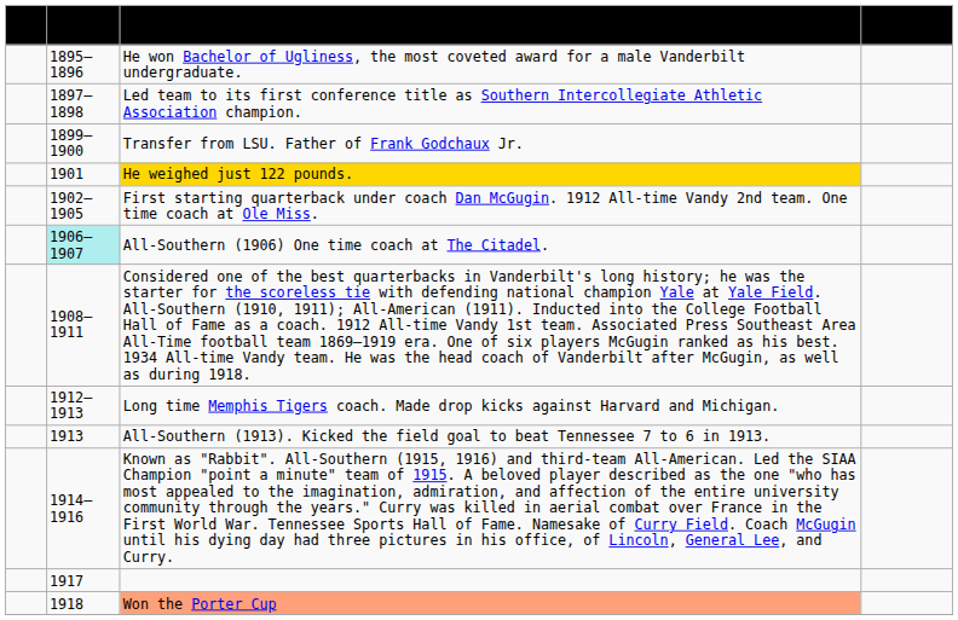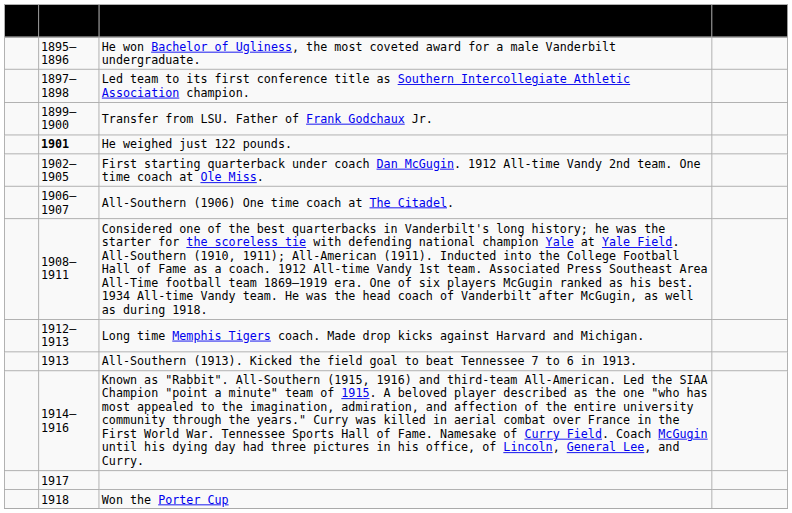 <table class="wikitable sortable" style="text-align:left;">
 <tr>
 <th style="background:#000000;"><span>Name</span></th>
 <th style="background:#000000;"><span>Years Started</span></th>
 <th style="background:#000000;"><span>Notability</span></th>
 <th style="background:#000000;"><span>References</span></th>
 </tr>
 <tr>
 <td></td>
 <td>1895–1896</td>
 <td>He won <a href='#'>Bachelor of Ugliness</a>, the most coveted award for a male Vanderbilt undergraduate.</td>
 <td></td>
 </tr>
 <tr>
 <td></td>
 <td>1897–1898</td>
 <td>Led team to its first conference title as <a href='#'>Southern Intercollegiate Athletic Association</a> champion.</td>
 <td></td>
 </tr>
 <tr>
 <td></td>
 <td>1899–1900</td>
 <td>Transfer from LSU. Father of <a href='#'>Frank Godchaux</a> Jr.</td>
 <td></td>
 </tr>
 <tr>
 <td></td>
-<td>1901</td>
-<td style="background: gold;">He weighed just 122 pounds.</td>
+<td><strong>1901</strong></td>
+<td>He weighed just 122 pounds.</td>
 <td></td>
 </tr>
 <tr>
 <td></td>
 <td>1902–1905</td>
 <td>First starting quarterback under coach <a href='#'>Dan McGugin</a>. 1912 All-time Vandy 2nd team. One time coach at <a href='#'>Ole Miss</a>.</td>
 <td></td>
 </tr>
 <tr>
 <td></td>
-<td style="background: paleturquoise;">1906–1907</td>
+<td>1906–1907</td>
 <td>All-Southern (1906) One time coach at <a href='#'>The Citadel</a>.</td>
 <td></td>
 </tr>
 <tr>
 <td></td>
 <td>1908–1911</td>
 <td>Considered one of the best quarterbacks in Vanderbilt's long history; he was the starter for <a href='#'>the scoreless tie</a> with defending national champion <a href='#'>Yale</a> at <a href='#'>Yale Field</a>. All-Southern (1910, 1911); All-American (1911). Inducted into the College Football Hall of Fame as a coach.  1912 All-time Vandy 1st team. Associated Press Southeast Area All-Time football team 1869–1919 era. One of six players McGugin ranked as his best.  1934 All-time Vandy team. He was the head coach of Vanderbilt after McGugin, as well as during 1918.</td>
 <td></td>
 </tr>
 <tr>
 <td></td>
 <td>1912–1913</td>
 <td>Long time <a href='#'>Memphis Tigers</a> coach. Made drop kicks against Harvard and Michigan.</td>
 <td></td>
 </tr>
 <tr>
 <td></td>
 <td>1913</td>
 <td>All-Southern (1913). Kicked the field goal to beat Tennessee 7 to 6 in 1913.</td>
 <td></td>
 </tr>
 <tr>
 <td></td>
 <td>1914–1916</td>
 <td>Known as "Rabbit". All-Southern (1915, 1916) and third-team All-American. Led the SIAA Champion "point a minute" team of <a href='#'>1915</a>. A beloved player described as the one "who has most appealed to the imagination, admiration, and affection of the entire university community through the years." Curry was killed in aerial combat over France in the First World War. Tennessee Sports Hall of Fame. Namesake of <a href='#'>Curry Field</a>. Coach <a href='#'>McGugin</a> until his dying day had three pictures in his office, of <a href='#'>Lincoln</a>, <a href='#'>General Lee</a>, and Curry.</td>
 <td></td>
 </tr>
 <tr>
 <td></td>
 <td>1917</td>
 <td></td>
 <td></td>
 </tr>
 <tr>
 <td></td>
 <td>1918</td>
-<td style="background: lightsalmon;">Won the <a href='#'>Porter Cup</a></td>
+<td>Won the <a href='#'>Porter Cup</a></td>
 <td></td>
 </tr>
 <tr>
 </tr>
 </table>
